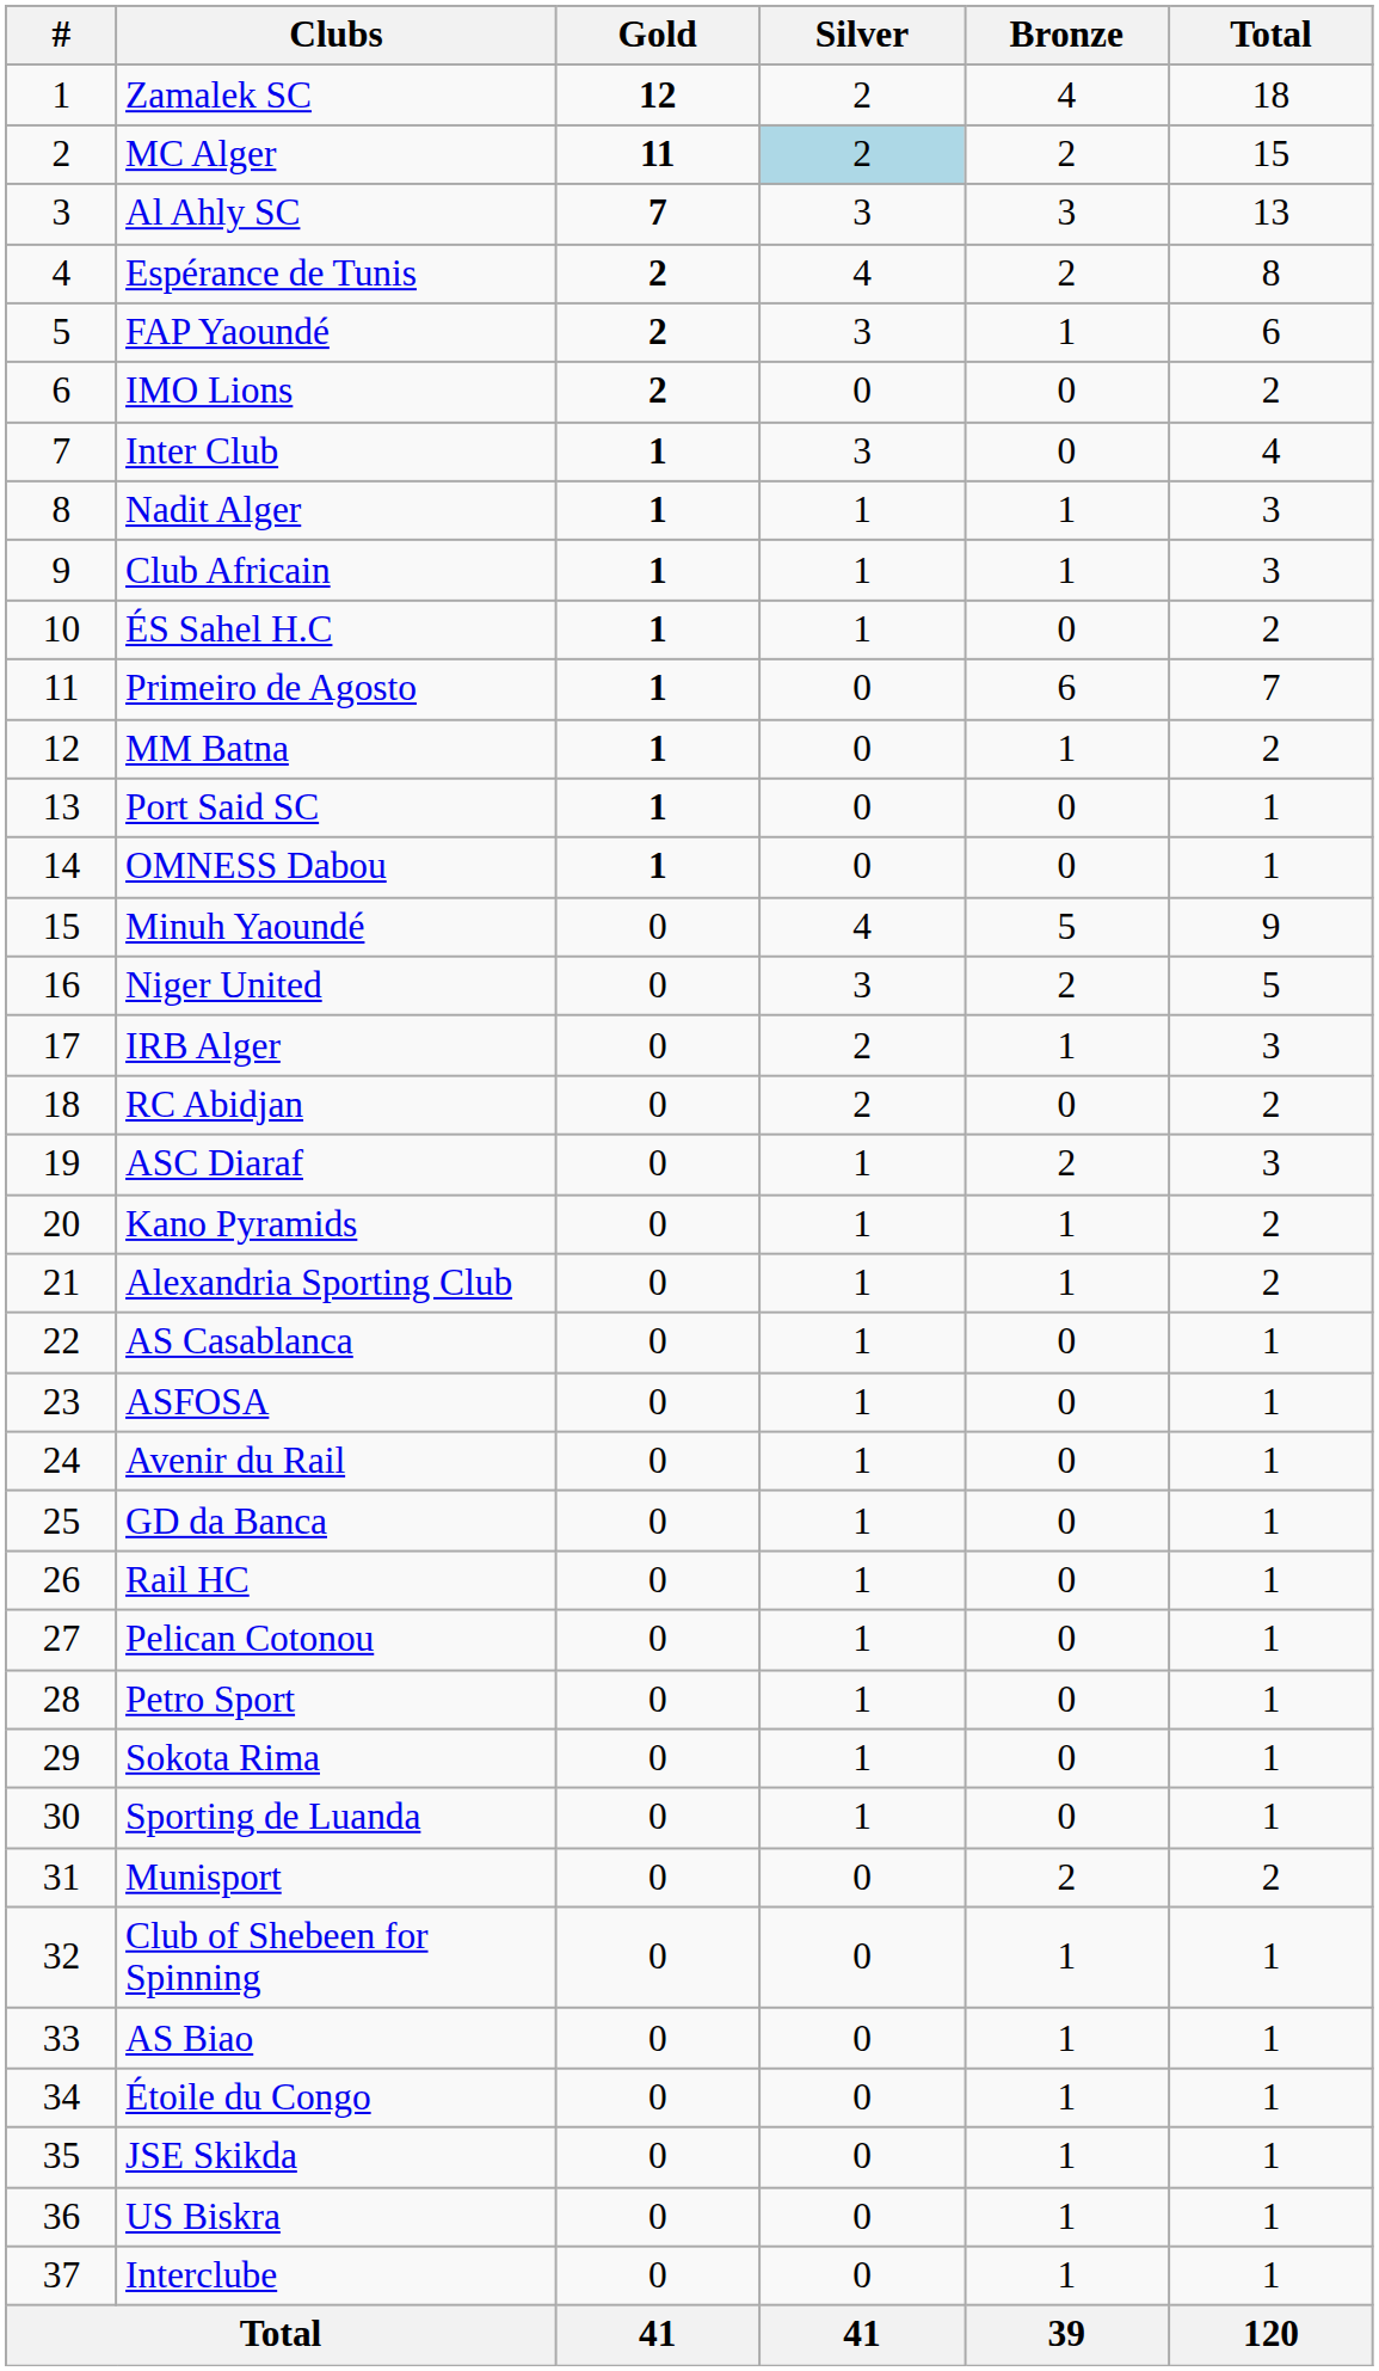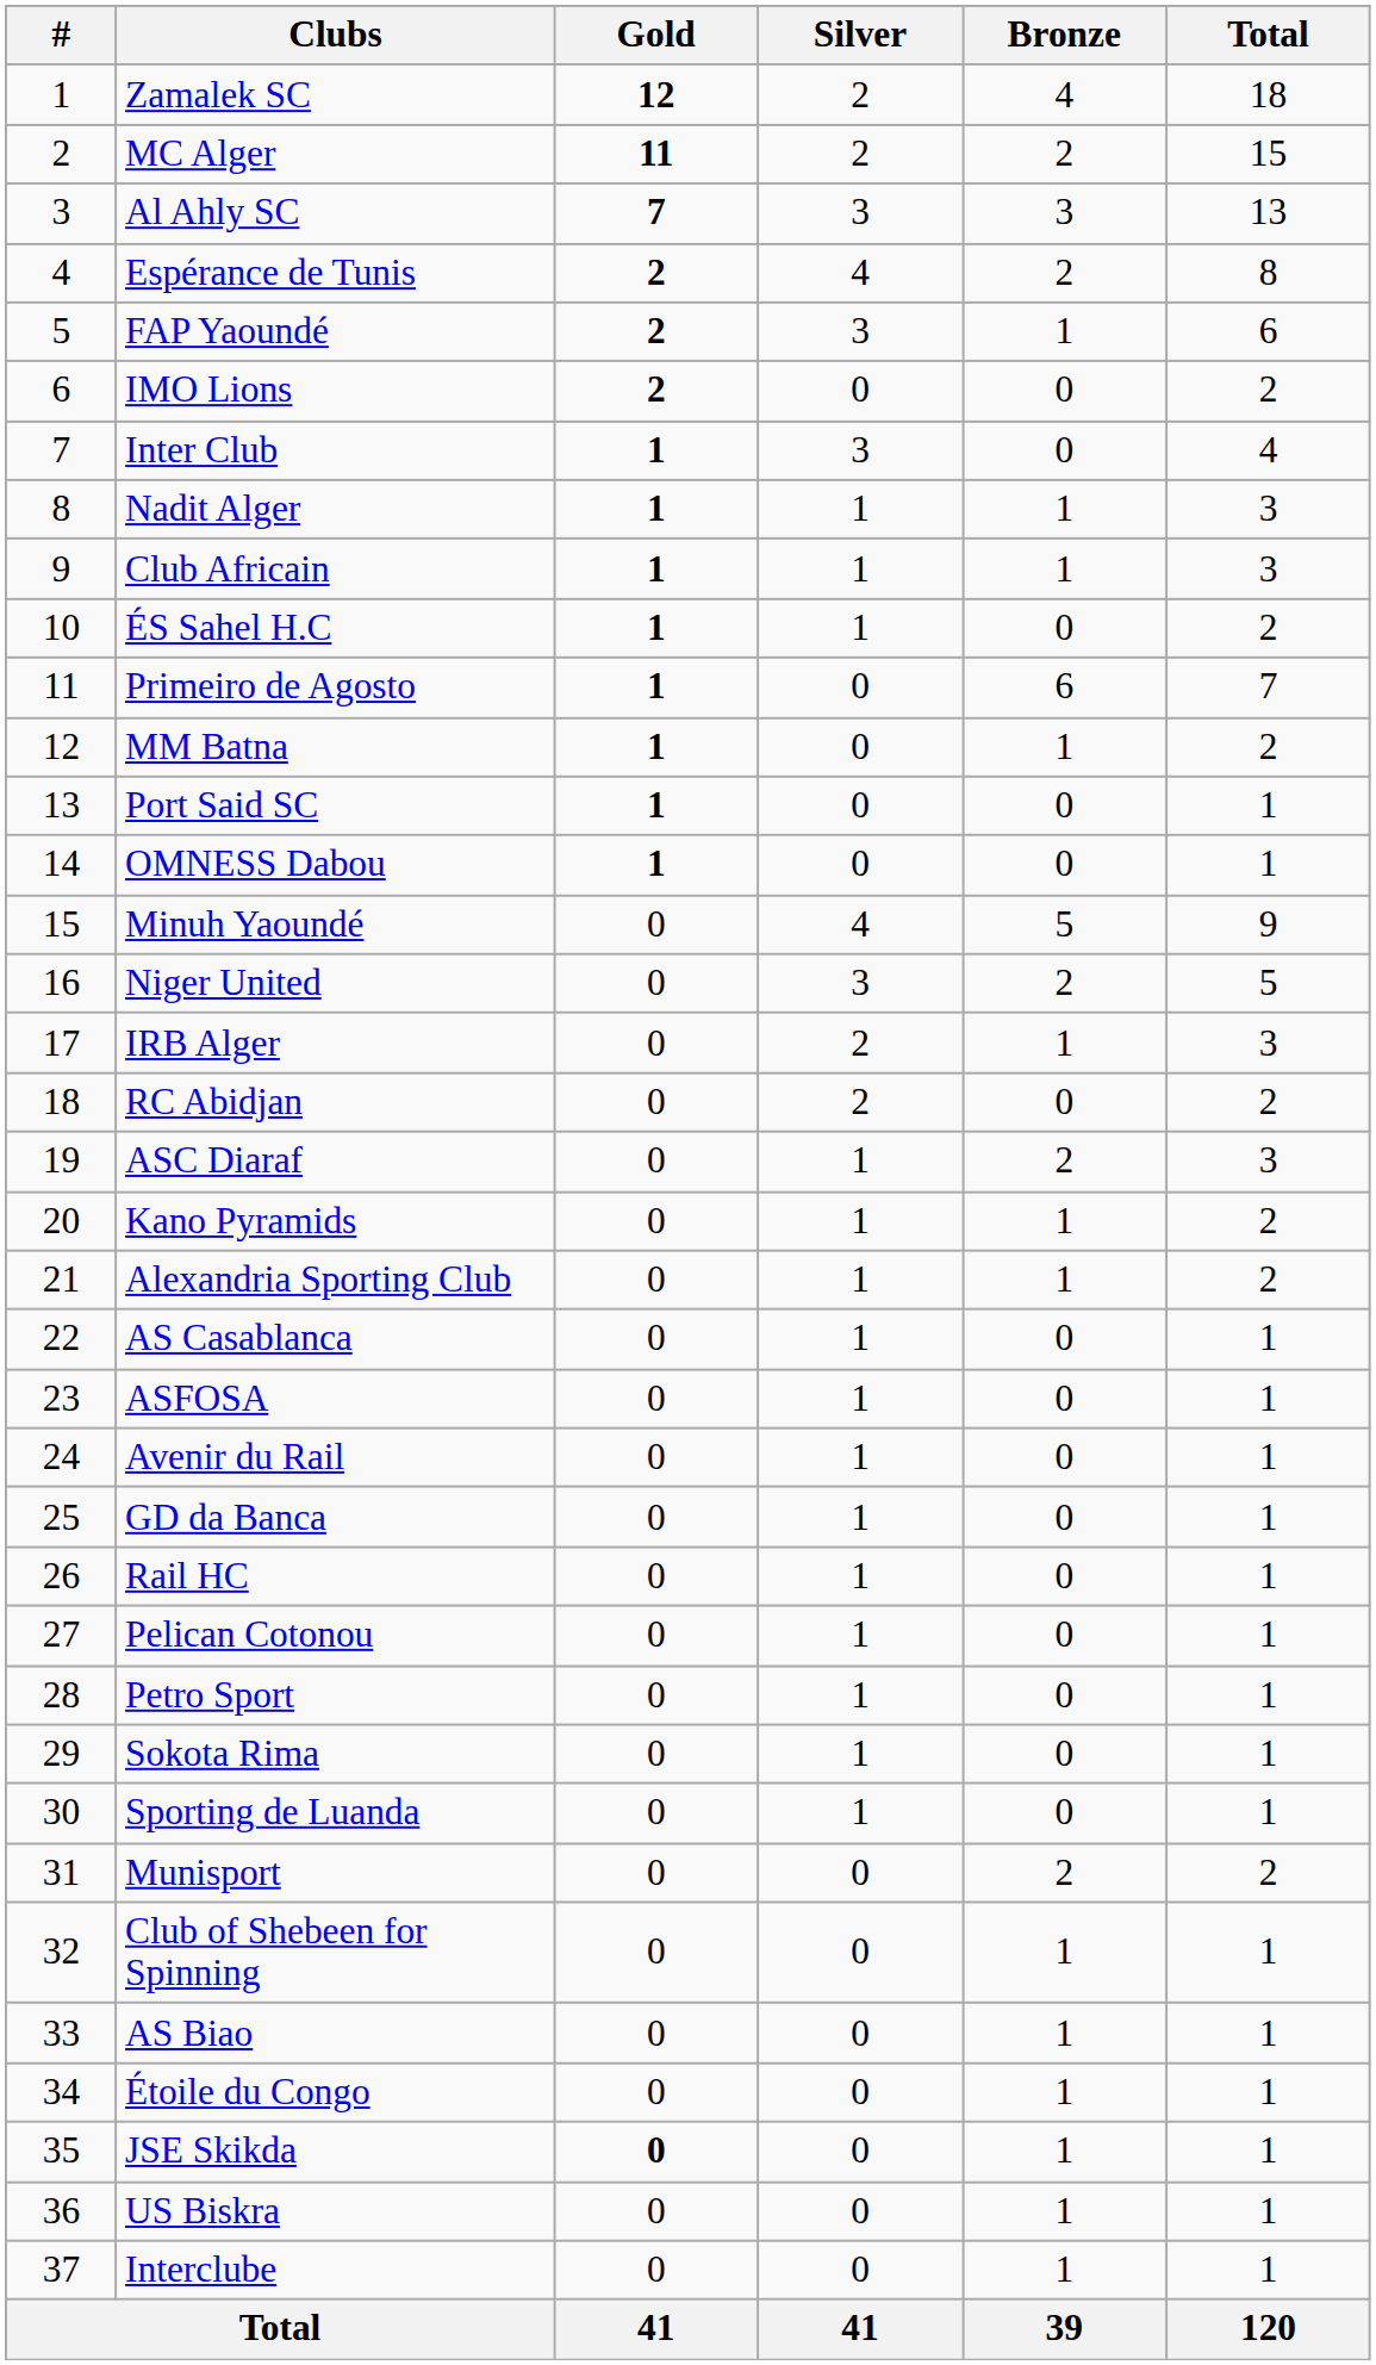 <table class="wikitable">
 <tr>
 <th width=40>#</th>
 <th width=180>Clubs</th>
 <th width=80>Gold</th>
 <th width=80>Silver</th>
 <th width=80>Bronze</th>
 <th width=80>Total</th>
 </tr>
 <tr>
 <td align=center>1</td>
 <td> <a href='#'>Zamalek SC</a></td>
 <td align=center><strong>12</strong></td>
 <td align=center>2</td>
 <td align=center>4</td>
 <td align=center>18</td>
 </tr>
 <tr>
 <td align=center>2</td>
 <td> <a href='#'>MC Alger</a></td>
 <td align=center><strong>11</strong></td>
-<td align=center style="background: lightblue;">2</td>
+<td align=center>2</td>
 <td align=center>2</td>
 <td align=center>15</td>
 </tr>
 <tr>
 <td align=center>3</td>
 <td> <a href='#'>Al Ahly SC</a></td>
 <td align=center><strong>7</strong></td>
 <td align=center>3</td>
 <td align=center>3</td>
 <td align=center>13</td>
 </tr>
 <tr>
 <td align=center>4</td>
 <td> <a href='#'>Espérance de Tunis</a></td>
 <td align=center><strong>2</strong></td>
 <td align=center>4</td>
 <td align=center>2</td>
 <td align=center>8</td>
 </tr>
 <tr>
 <td align=center>5</td>
 <td> <a href='#'>FAP Yaoundé</a></td>
 <td align=center><strong>2</strong></td>
 <td align=center>3</td>
 <td align=center>1</td>
 <td align=center>6</td>
 </tr>
 <tr>
 <td align=center>6</td>
 <td> <a href='#'>IMO Lions</a></td>
 <td align=center><strong>2</strong></td>
 <td align=center>0</td>
 <td align=center>0</td>
 <td align=center>2</td>
 </tr>
 <tr>
 <td align=center>7</td>
 <td> <a href='#'>Inter Club</a></td>
 <td align=center><strong>1</strong></td>
 <td align=center>3</td>
 <td align=center>0</td>
 <td align=center>4</td>
 </tr>
 <tr>
 <td align=center>8</td>
 <td> <a href='#'>Nadit Alger</a></td>
 <td align=center><strong>1</strong></td>
 <td align=center>1</td>
 <td align=center>1</td>
 <td align=center>3</td>
 </tr>
 <tr>
 <td align=center>9</td>
 <td> <a href='#'>Club Africain</a></td>
 <td align=center><strong>1</strong></td>
 <td align=center>1</td>
 <td align=center>1</td>
 <td align=center>3</td>
 </tr>
 <tr>
 <td align=center>10</td>
 <td> <a href='#'>ÉS Sahel H.C</a></td>
 <td align=center><strong>1</strong></td>
 <td align=center>1</td>
 <td align=center>0</td>
 <td align=center>2</td>
 </tr>
 <tr>
 <td align=center>11</td>
 <td> <a href='#'>Primeiro de Agosto</a></td>
 <td align=center><strong>1</strong></td>
 <td align=center>0</td>
 <td align=center>6</td>
 <td align=center>7</td>
 </tr>
 <tr>
 <td align=center>12</td>
 <td> <a href='#'>MM Batna</a></td>
 <td align=center><strong>1</strong></td>
 <td align=center>0</td>
 <td align=center>1</td>
 <td align=center>2</td>
 </tr>
 <tr>
 <td align=center>13</td>
 <td> <a href='#'>Port Said SC</a></td>
 <td align=center><strong>1</strong></td>
 <td align=center>0</td>
 <td align=center>0</td>
 <td align=center>1</td>
 </tr>
 <tr>
 <td align=center>14</td>
 <td> <a href='#'>OMNESS Dabou</a></td>
 <td align=center><strong>1</strong></td>
 <td align=center>0</td>
 <td align=center>0</td>
 <td align=center>1</td>
 </tr>
 <tr>
 <td align=center>15</td>
 <td> <a href='#'>Minuh Yaoundé</a></td>
 <td align=center>0</td>
 <td align=center>4</td>
 <td align=center>5</td>
 <td align=center>9</td>
 </tr>
 <tr>
 <td align=center>16</td>
 <td> <a href='#'>Niger United</a></td>
 <td align=center>0</td>
 <td align=center>3</td>
 <td align=center>2</td>
 <td align=center>5</td>
 </tr>
 <tr>
 <td align=center>17</td>
 <td> <a href='#'>IRB Alger</a></td>
 <td align=center>0</td>
 <td align=center>2</td>
 <td align=center>1</td>
 <td align=center>3</td>
 </tr>
 <tr>
 <td align=center>18</td>
 <td> <a href='#'>RC Abidjan</a></td>
 <td align=center>0</td>
 <td align=center>2</td>
 <td align=center>0</td>
 <td align=center>2</td>
 </tr>
 <tr>
 <td align=center>19</td>
 <td> <a href='#'>ASC Diaraf</a></td>
 <td align=center>0</td>
 <td align=center>1</td>
 <td align=center>2</td>
 <td align=center>3</td>
 </tr>
 <tr>
 <td align=center>20</td>
 <td> <a href='#'>Kano Pyramids</a></td>
 <td align=center>0</td>
 <td align=center>1</td>
 <td align=center>1</td>
 <td align=center>2</td>
 </tr>
 <tr>
 <td align=center>21</td>
 <td> <a href='#'>Alexandria Sporting Club</a></td>
 <td align=center>0</td>
 <td align=center>1</td>
 <td align=center>1</td>
 <td align=center>2</td>
 </tr>
 <tr>
 <td align=center>22</td>
 <td> <a href='#'>AS Casablanca</a></td>
 <td align=center>0</td>
 <td align=center>1</td>
 <td align=center>0</td>
 <td align=center>1</td>
 </tr>
 <tr>
 <td align=center>23</td>
 <td> <a href='#'>ASFOSA</a></td>
 <td align=center>0</td>
 <td align=center>1</td>
 <td align=center>0</td>
 <td align=center>1</td>
 </tr>
 <tr>
 <td align=center>24</td>
 <td> <a href='#'>Avenir du Rail</a></td>
 <td align=center>0</td>
 <td align=center>1</td>
 <td align=center>0</td>
 <td align=center>1</td>
 </tr>
 <tr>
 <td align=center>25</td>
 <td> <a href='#'>GD da Banca</a></td>
 <td align=center>0</td>
 <td align=center>1</td>
 <td align=center>0</td>
 <td align=center>1</td>
 </tr>
 <tr>
 <td align=center>26</td>
 <td> <a href='#'>Rail HC</a></td>
 <td align=center>0</td>
 <td align=center>1</td>
 <td align=center>0</td>
 <td align=center>1</td>
 </tr>
 <tr>
 <td align=center>27</td>
 <td> <a href='#'>Pelican Cotonou</a></td>
 <td align=center>0</td>
 <td align=center>1</td>
 <td align=center>0</td>
 <td align=center>1</td>
 </tr>
 <tr>
 <td align=center>28</td>
 <td> <a href='#'>Petro Sport</a></td>
 <td align=center>0</td>
 <td align=center>1</td>
 <td align=center>0</td>
 <td align=center>1</td>
 </tr>
 <tr>
 <td align=center>29</td>
 <td> <a href='#'>Sokota Rima</a></td>
 <td align=center>0</td>
 <td align=center>1</td>
 <td align=center>0</td>
 <td align=center>1</td>
 </tr>
 <tr>
 <td align=center>30</td>
 <td> <a href='#'>Sporting de Luanda</a></td>
 <td align=center>0</td>
 <td align=center>1</td>
 <td align=center>0</td>
 <td align=center>1</td>
 </tr>
 <tr>
 <td align=center>31</td>
 <td> <a href='#'>Munisport</a></td>
 <td align=center>0</td>
 <td align=center>0</td>
 <td align=center>2</td>
 <td align=center>2</td>
 </tr>
 <tr>
 <td align=center>32</td>
 <td> <a href='#'>Club of Shebeen for Spinning</a></td>
 <td align=center>0</td>
 <td align=center>0</td>
 <td align=center>1</td>
 <td align=center>1</td>
 </tr>
 <tr>
 <td align=center>33</td>
 <td> <a href='#'>AS Biao</a></td>
 <td align=center>0</td>
 <td align=center>0</td>
 <td align=center>1</td>
 <td align=center>1</td>
 </tr>
 <tr>
 <td align=center>34</td>
 <td> <a href='#'>Étoile du Congo</a></td>
 <td align=center>0</td>
 <td align=center>0</td>
 <td align=center>1</td>
 <td align=center>1</td>
 </tr>
 <tr>
 <td align=center>35</td>
 <td> <a href='#'>JSE Skikda</a></td>
-<td align=center>0</td>
+<td align=center><strong>0</strong></td>
 <td align=center>0</td>
 <td align=center>1</td>
 <td align=center>1</td>
 </tr>
 <tr>
 <td align=center>36</td>
 <td> <a href='#'>US Biskra</a></td>
 <td align=center>0</td>
 <td align=center>0</td>
 <td align=center>1</td>
 <td align=center>1</td>
 </tr>
 <tr>
 <td align=center>37</td>
 <td> <a href='#'>Interclube</a></td>
 <td align=center>0</td>
 <td align=center>0</td>
 <td align=center>1</td>
 <td align=center>1</td>
 </tr>
 <tr>
 <th colspan=2>Total</th>
 <th>41</th>
 <th>41</th>
 <th>39</th>
 <th>120</th>
 </tr>
 </table>
